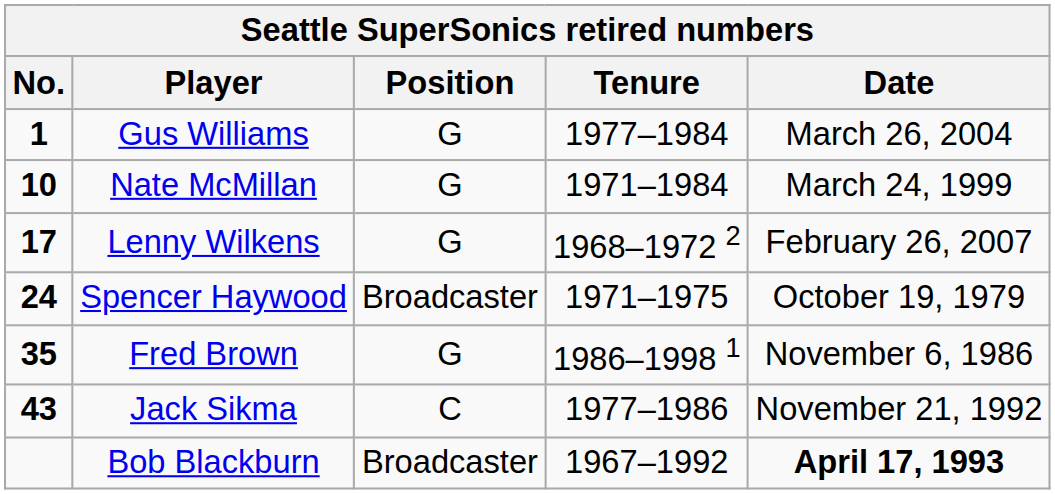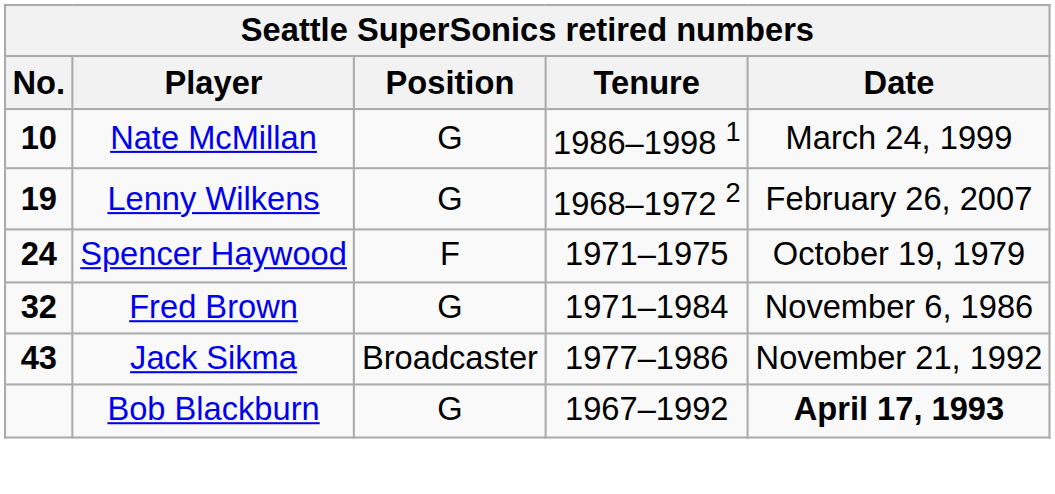 <table class="wikitable" style="text-align:center">
 <tr>
 <th colspan=5>Seattle SuperSonics retired numbers</th>
 </tr>
 <tr>
 <th>No.</th>
 <th>Player</th>
 <th>Position</th>
 <th>Tenure</th>
 <th>Date</th>
 </tr>
 <tr>
-<td><strong>1</strong></td>
-<td><a href='#'>Gus Williams</a></td>
-<td>G</td>
-<td>1977–1984</td>
-<td>March 26, 2004</td>
-</tr>
-<tr>
 <td><strong>10</strong></td>
 <td><a href='#'>Nate McMillan</a></td>
 <td>G</td>
-<td>1971–1984</td>
+<td>1986–1998 <sup>1</sup></td>
 <td>March 24, 1999</td>
 </tr>
 <tr>
-<td><strong>17</strong></td>
+<td><strong>19</strong></td>
 <td><a href='#'>Lenny Wilkens</a></td>
 <td>G</td>
 <td>1968–1972 <sup>2</sup></td>
 <td>February 26, 2007</td>
 </tr>
 <tr>
 <td><strong>24</strong></td>
 <td><a href='#'>Spencer Haywood</a></td>
-<td>Broadcaster</td>
+<td>F</td>
 <td>1971–1975</td>
 <td>October 19, 1979</td>
 </tr>
 <tr>
-<td><strong>35</strong></td>
+<td><strong>32</strong></td>
 <td><a href='#'>Fred Brown</a></td>
 <td>G</td>
-<td>1986–1998 <sup>1</sup></td>
+<td>1971–1984</td>
 <td>November 6, 1986</td>
 </tr>
 <tr>
 <td><strong>43</strong></td>
 <td><a href='#'>Jack Sikma</a></td>
-<td>C</td>
+<td>Broadcaster</td>
 <td>1977–1986</td>
 <td>November 21, 1992</td>
 </tr>
 <tr>
 <td></td>
 <td><a href='#'>Bob Blackburn</a></td>
-<td>Broadcaster</td>
+<td>G</td>
 <td>1967–1992</td>
 <td><strong>April 17, 1993</strong></td>
 </tr>
 </table>
